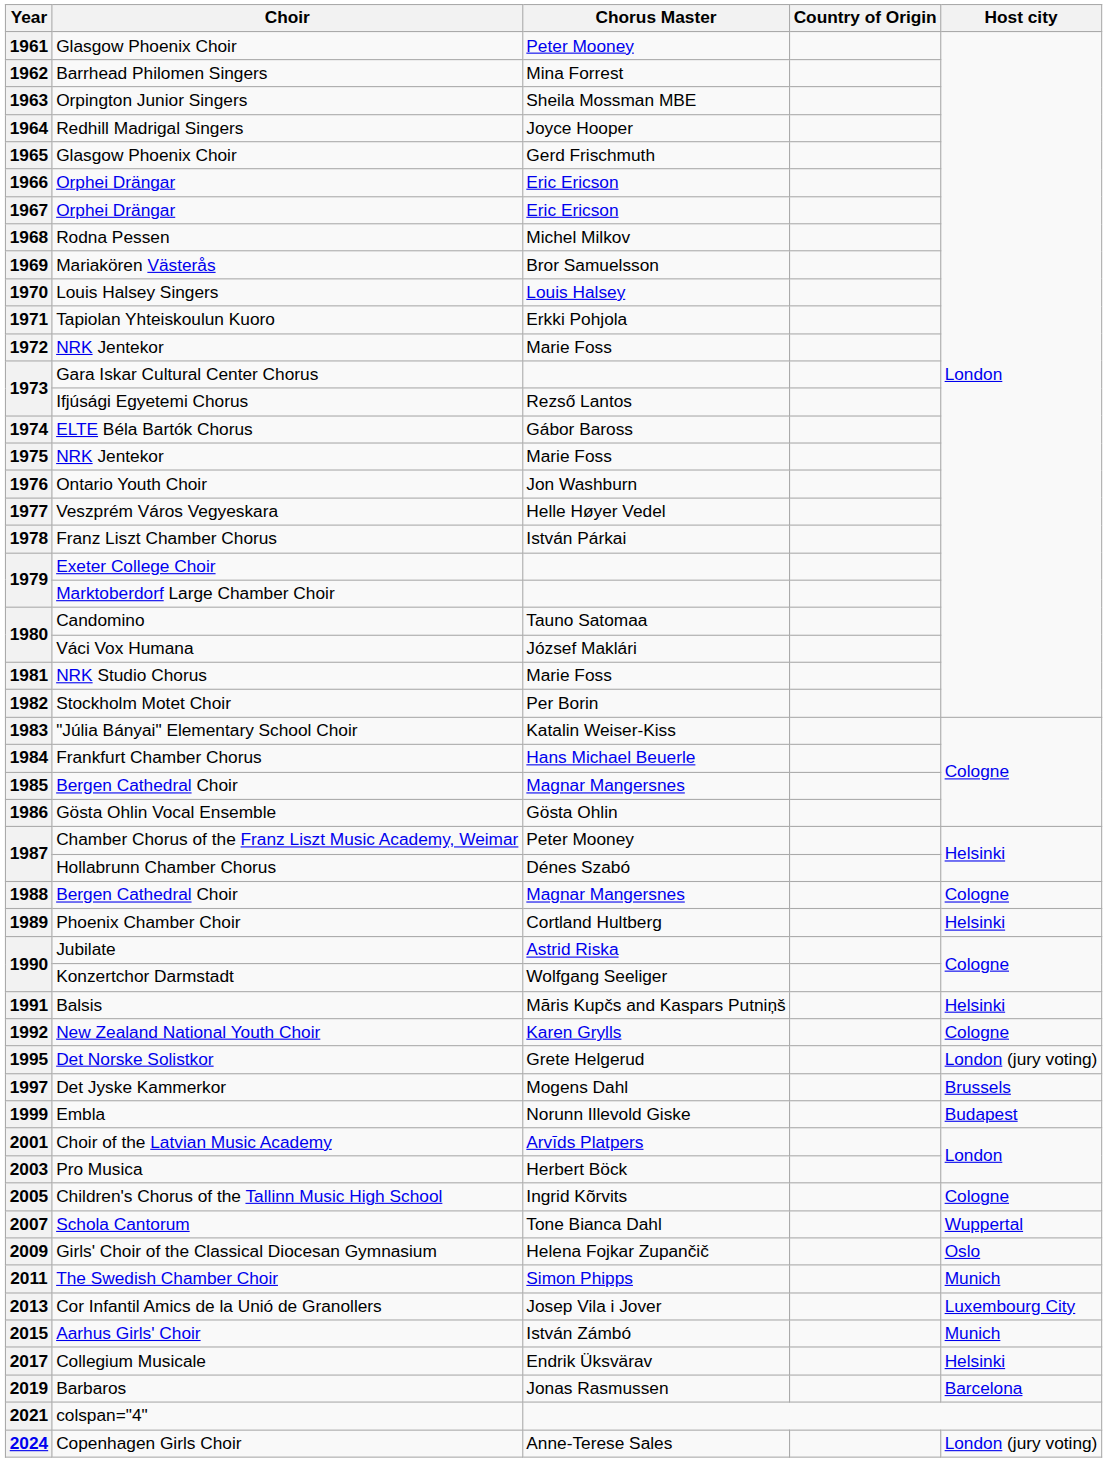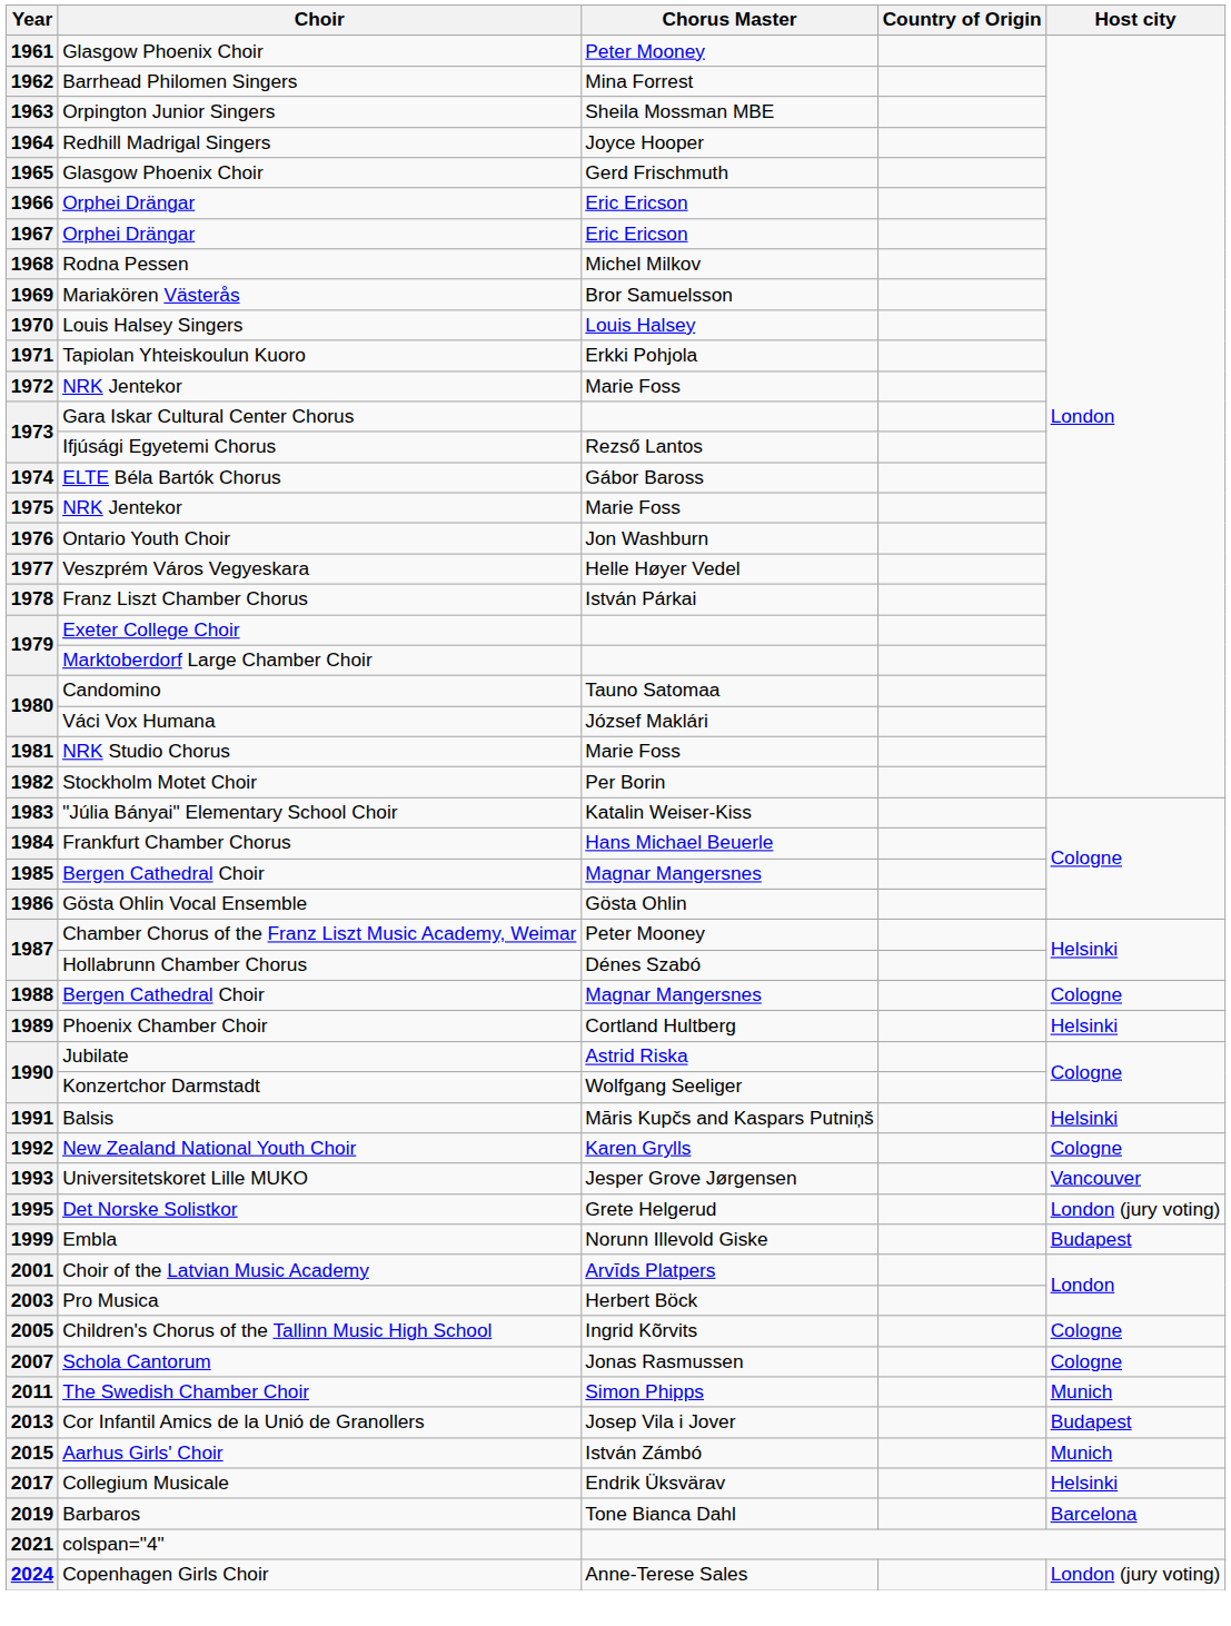 <table class="wikitable sortable" style="text-align:left; margin: 1em auto 1em auto;" border = "2">
 <tr>
 <th>Year</th>
 <th class="unsortable">Choir</th>
 <th class="unsortable">Chorus Master</th>
 <th>Country of Origin</th>
 <th>Host city</th>
 </tr>
 <tr>
 <th>1961</th>
 <td>Glasgow Phoenix Choir</td>
 <td><a href='#'>Peter Mooney</a></td>
 <td></td>
 <td rowspan="25"> <a href='#'>London</a></td>
 </tr>
 <tr>
 <th>1962</th>
 <td>Barrhead Philomen Singers</td>
 <td>Mina Forrest</td>
 <td></td>
 </tr>
 <tr>
 <th>1963</th>
 <td>Orpington Junior Singers</td>
 <td>Sheila Mossman MBE</td>
 <td></td>
 </tr>
 <tr>
 <th>1964</th>
 <td>Redhill Madrigal Singers</td>
 <td>Joyce Hooper</td>
 <td></td>
 </tr>
 <tr>
 <th>1965</th>
 <td>Glasgow Phoenix Choir</td>
 <td>Gerd Frischmuth</td>
 <td></td>
 </tr>
 <tr>
 <th>1966</th>
 <td><a href='#'>Orphei Drängar</a></td>
 <td><a href='#'>Eric Ericson</a></td>
 <td></td>
 </tr>
 <tr>
 <th>1967</th>
 <td><a href='#'>Orphei Drängar</a></td>
 <td><a href='#'>Eric Ericson</a></td>
 <td></td>
 </tr>
 <tr>
 <th>1968</th>
 <td>Rodna Pessen</td>
 <td>Michel Milkov</td>
 <td></td>
 </tr>
 <tr>
 <th>1969</th>
 <td>Mariakören <a href='#'>Västerås</a></td>
 <td>Bror Samuelsson</td>
 <td></td>
 </tr>
 <tr>
 <th>1970</th>
 <td>Louis Halsey Singers</td>
 <td><a href='#'>Louis Halsey</a></td>
 <td></td>
 </tr>
 <tr>
 <th>1971</th>
 <td>Tapiolan Yhteiskoulun Kuoro</td>
 <td>Erkki Pohjola</td>
 <td></td>
 </tr>
 <tr>
 <th>1972</th>
 <td><a href='#'>NRK</a> Jentekor</td>
 <td>Marie Foss</td>
 <td></td>
 </tr>
 <tr>
 <th rowspan=2>1973</th>
 <td>Gara Iskar Cultural Center Chorus</td>
 <td></td>
 <td></td>
 </tr>
 <tr>
 <td>Ifjúsági Egyetemi Chorus</td>
 <td>Rezső Lantos</td>
 <td></td>
 </tr>
 <tr>
 <th>1974</th>
 <td><a href='#'>ELTE</a> Béla Bartók Chorus</td>
 <td>Gábor Baross</td>
 <td></td>
 </tr>
 <tr>
 <th>1975</th>
 <td><a href='#'>NRK</a> Jentekor</td>
 <td>Marie Foss</td>
 <td></td>
 </tr>
 <tr>
 <th>1976</th>
 <td>Ontario Youth Choir</td>
 <td>Jon Washburn</td>
 <td></td>
 </tr>
 <tr>
 <th>1977</th>
 <td>Veszprém Város Vegyeskara</td>
 <td>Helle Høyer Vedel</td>
 <td></td>
 </tr>
 <tr>
 <th>1978</th>
 <td>Franz Liszt Chamber Chorus</td>
 <td>István Párkai</td>
 <td></td>
 </tr>
 <tr>
 <th rowspan=2>1979</th>
 <td><a href='#'>Exeter College Choir</a></td>
 <td></td>
 <td></td>
 </tr>
 <tr>
 <td><a href='#'>Marktoberdorf</a> Large Chamber Choir</td>
 <td></td>
 <td></td>
 </tr>
 <tr>
 <th rowspan=2>1980</th>
 <td>Candomino</td>
 <td>Tauno Satomaa</td>
 <td></td>
 </tr>
 <tr>
 <td>Váci Vox Humana</td>
 <td>József Maklári</td>
 <td></td>
 </tr>
 <tr>
 <th>1981</th>
 <td><a href='#'>NRK</a> Studio Chorus</td>
 <td>Marie Foss</td>
 <td></td>
 </tr>
 <tr>
 <th>1982</th>
 <td>Stockholm Motet Choir</td>
 <td>Per Borin</td>
 <td></td>
 </tr>
 <tr>
 <th>1983</th>
 <td>"Júlia Bányai" Elementary School Choir</td>
 <td>Katalin Weiser-Kiss</td>
 <td></td>
 <td rowspan="4"> <a href='#'>Cologne</a></td>
 </tr>
 <tr>
 <th>1984</th>
 <td>Frankfurt Chamber Chorus</td>
 <td><a href='#'>Hans Michael Beuerle</a></td>
 <td></td>
 </tr>
 <tr>
 <th>1985</th>
 <td><a href='#'>Bergen Cathedral</a> Choir</td>
 <td><a href='#'>Magnar Mangersnes</a></td>
 <td></td>
 </tr>
 <tr>
 <th>1986</th>
 <td>Gösta Ohlin Vocal Ensemble</td>
 <td>Gösta Ohlin</td>
 <td></td>
 </tr>
 <tr>
 <th rowspan=2>1987</th>
 <td>Chamber Chorus of the <a href='#'>Franz Liszt Music Academy, Weimar</a></td>
 <td>Peter Mooney</td>
 <td></td>
 <td rowspan=2> <a href='#'>Helsinki</a></td>
 </tr>
 <tr>
 <td>Hollabrunn Chamber Chorus</td>
 <td>Dénes Szabó</td>
 <td></td>
 </tr>
 <tr>
 <th>1988</th>
 <td><a href='#'>Bergen Cathedral</a> Choir</td>
 <td><a href='#'>Magnar Mangersnes</a></td>
 <td></td>
 <td> <a href='#'>Cologne</a></td>
 </tr>
 <tr>
 <th>1989</th>
 <td>Phoenix Chamber Choir</td>
 <td>Cortland Hultberg</td>
 <td></td>
 <td> <a href='#'>Helsinki</a></td>
 </tr>
 <tr>
 <th rowspan=2>1990</th>
 <td>Jubilate</td>
 <td><a href='#'>Astrid Riska</a></td>
 <td></td>
 <td rowspan="2"> <a href='#'>Cologne</a></td>
 </tr>
 <tr>
 <td>Konzertchor Darmstadt</td>
 <td>Wolfgang Seeliger</td>
 <td></td>
 </tr>
 <tr>
 <th>1991</th>
 <td>Balsis</td>
 <td>Māris Kupčs and Kaspars Putniņš</td>
 <td></td>
 <td> <a href='#'>Helsinki</a></td>
 </tr>
 <tr>
 <th>1992</th>
 <td><a href='#'>New Zealand National Youth Choir</a></td>
 <td><a href='#'>Karen Grylls</a></td>
 <td></td>
 <td> <a href='#'>Cologne</a></td>
 </tr>
 <tr>
+<th>1993</th>
+<td>Universitetskoret Lille MUKO</td>
+<td>Jesper Grove Jørgensen</td>
+<td></td>
+<td> <a href='#'>Vancouver</a></td>
+</tr>
+<tr>
 <th>1995</th>
 <td><a href='#'>Det Norske Solistkor</a></td>
 <td>Grete Helgerud</td>
 <td></td>
 <td> <a href='#'>London</a> (jury voting)</td>
-</tr>
-<tr>
-<th>1997</th>
-<td>Det Jyske Kammerkor</td>
-<td>Mogens Dahl</td>
-<td></td>
-<td> <a href='#'>Brussels</a></td>
 </tr>
 <tr>
 <th>1999</th>
 <td>Embla</td>
 <td>Norunn Illevold Giske</td>
 <td></td>
 <td> <a href='#'>Budapest</a></td>
 </tr>
 <tr>
 <th>2001</th>
 <td>Choir of the <a href='#'>Latvian Music Academy</a></td>
 <td><a href='#'>Arvīds Platpers</a></td>
 <td></td>
 <td rowspan="2"> <a href='#'>London</a></td>
 </tr>
 <tr>
 <th>2003</th>
 <td>Pro Musica</td>
 <td>Herbert Böck</td>
 <td></td>
 </tr>
 <tr>
 <th>2005</th>
 <td>Children's Chorus of the <a href='#'>Tallinn Music High School</a></td>
 <td>Ingrid Kõrvits</td>
 <td></td>
 <td> <a href='#'>Cologne</a></td>
 </tr>
 <tr>
 <th>2007</th>
 <td><a href='#'>Schola Cantorum</a></td>
-<td>Tone Bianca Dahl</td>
+<td>Jonas Rasmussen</td>
 <td></td>
-<td> <a href='#'>Wuppertal</a></td>
-</tr>
-<tr>
-<th>2009</th>
-<td>Girls' Choir of the Classical Diocesan Gymnasium</td>
-<td>Helena Fojkar Zupančič</td>
-<td></td>
-<td> <a href='#'>Oslo</a></td>
+<td> <a href='#'>Cologne</a></td>
 </tr>
 <tr>
 <th>2011</th>
 <td><a href='#'>The Swedish Chamber Choir</a></td>
 <td><a href='#'>Simon Phipps</a></td>
 <td></td>
 <td> <a href='#'>Munich</a></td>
 </tr>
 <tr>
 <th>2013</th>
 <td>Cor Infantil Amics de la Unió de Granollers</td>
 <td>Josep Vila i Jover</td>
 <td></td>
-<td> <a href='#'>Luxembourg City</a></td>
+<td> <a href='#'>Budapest</a></td>
 </tr>
 <tr>
 <th>2015</th>
 <td><a href='#'>Aarhus Girls' Choir</a></td>
 <td>István Zámbó</td>
 <td></td>
 <td> <a href='#'>Munich</a></td>
 </tr>
 <tr>
 <th>2017</th>
 <td>Collegium Musicale</td>
 <td>Endrik Üksvärav</td>
 <td></td>
 <td> <a href='#'>Helsinki</a></td>
 </tr>
 <tr>
 <th>2019</th>
 <td>Barbaros</td>
-<td>Jonas Rasmussen</td>
+<td>Tone Bianca Dahl</td>
 <td></td>
 <td> <a href='#'>Barcelona</a></td>
 </tr>
 <tr>
 <th>2021</th>
 <td>colspan="4" </td>
 </tr>
 <tr>
 <th><a href='#'>2024</a></th>
 <td>Copenhagen Girls Choir</td>
 <td>Anne-Terese Sales</td>
 <td></td>
 <td> <a href='#'>London</a> (jury voting)</td>
 </tr>
 </table>
